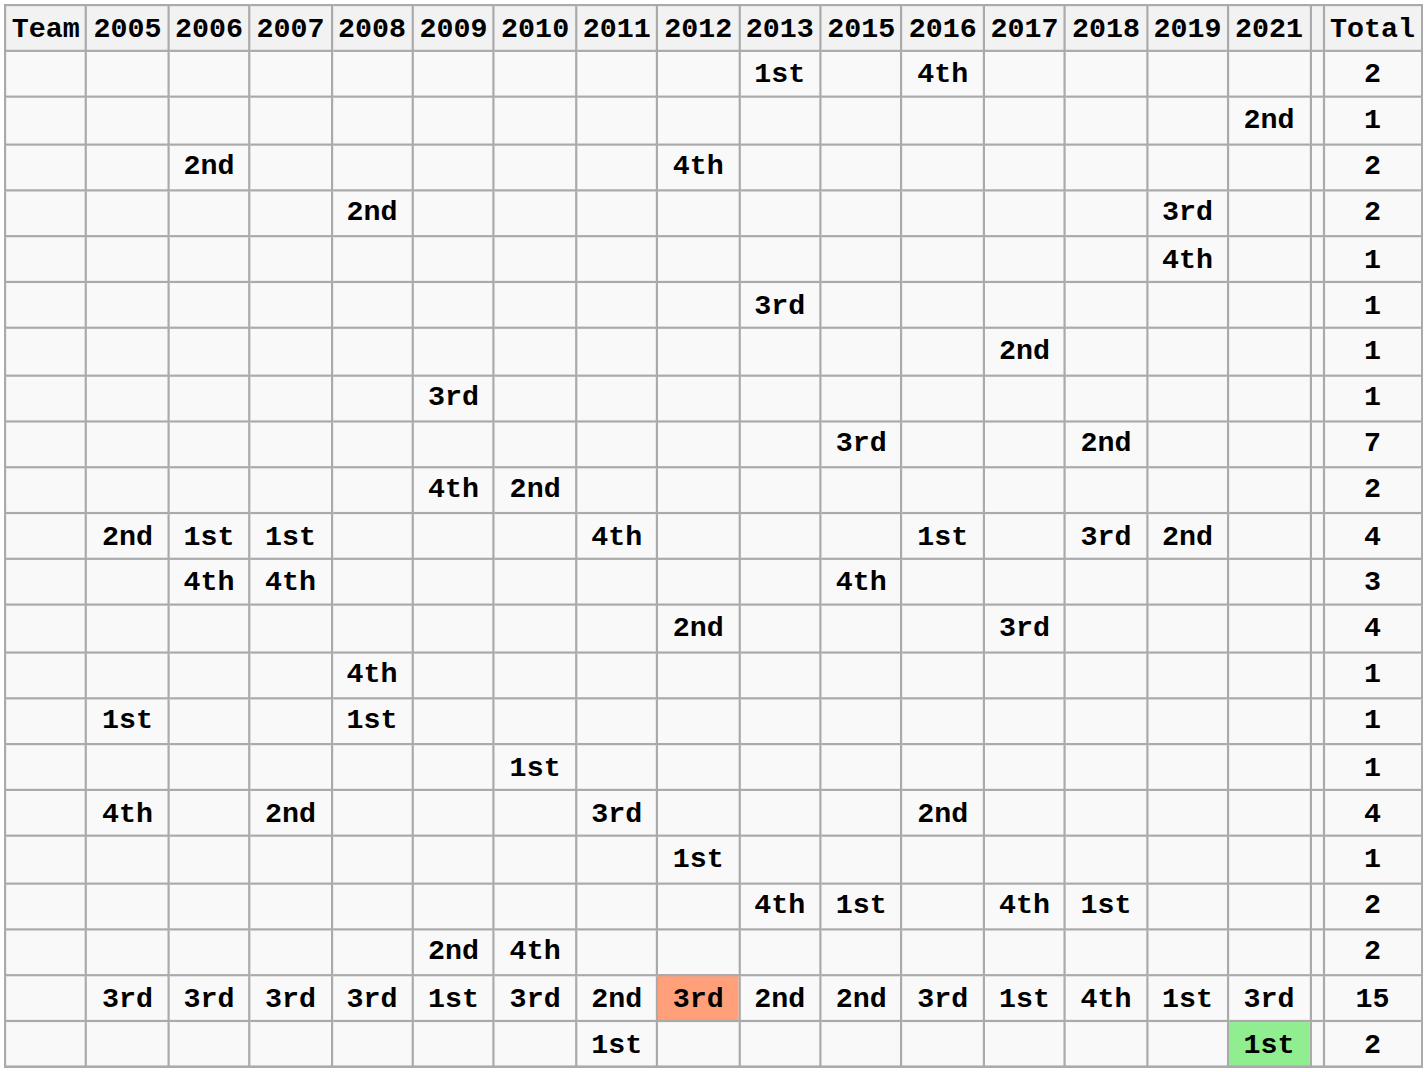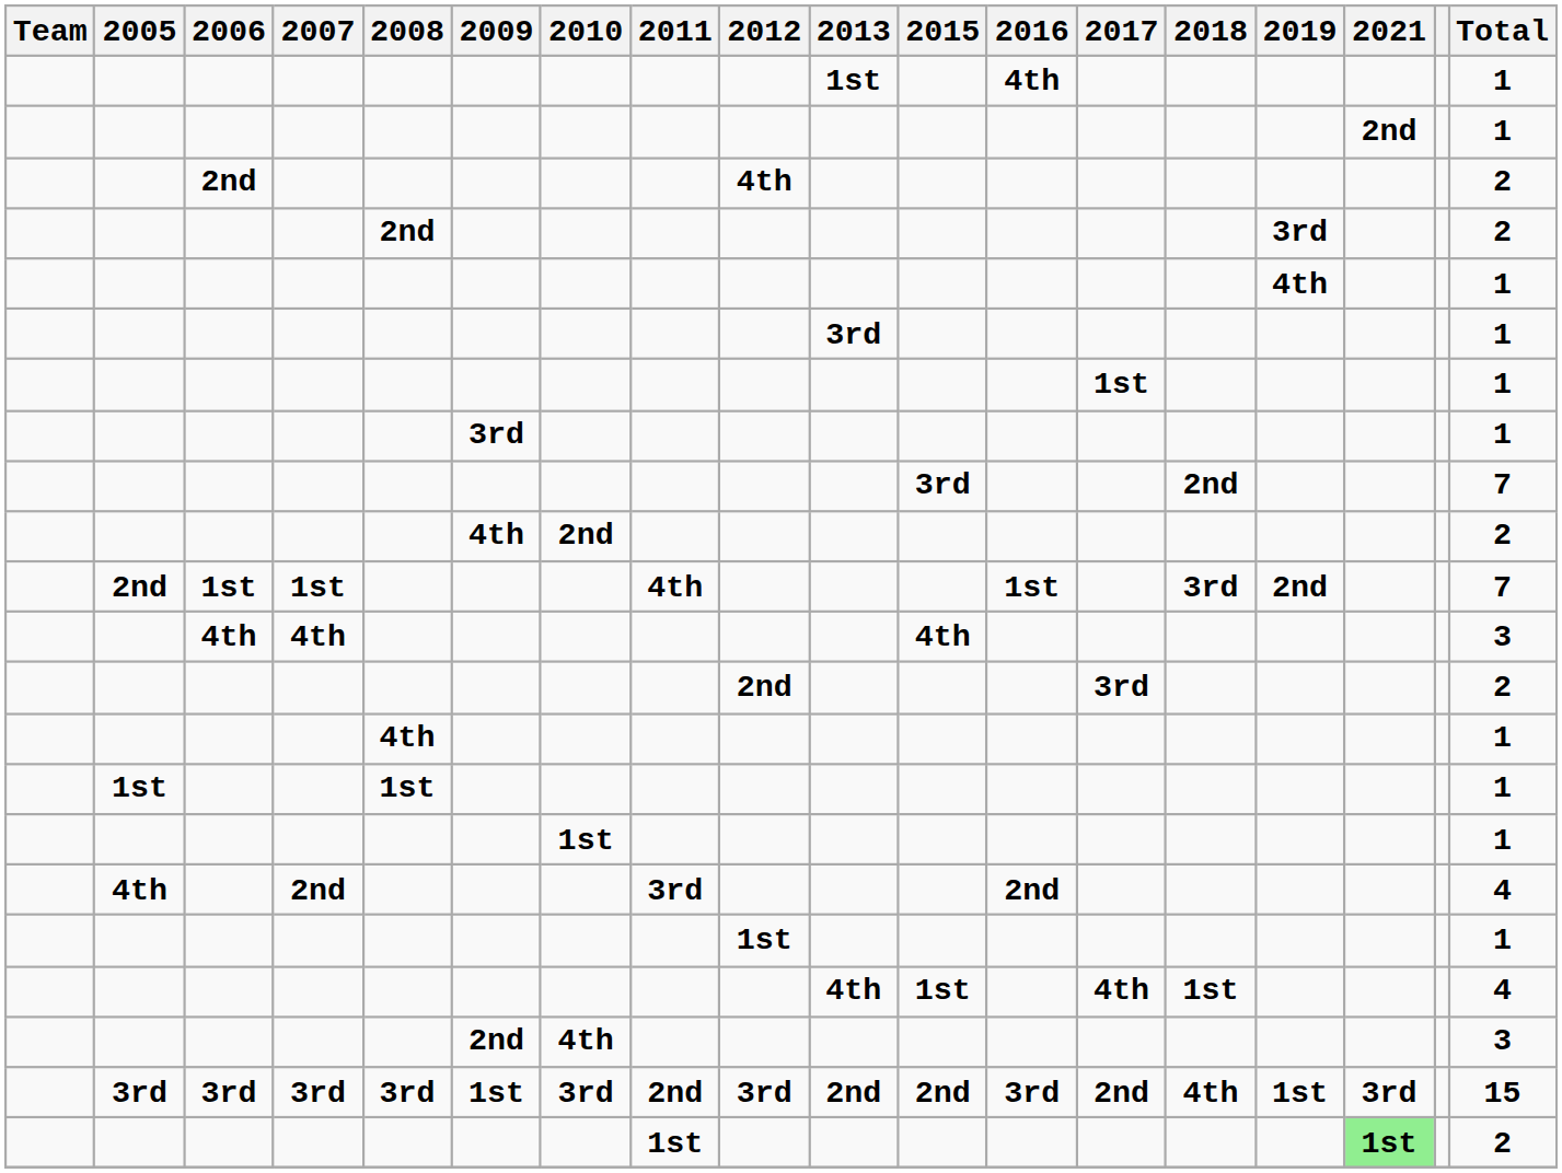 <table class="wikitable" style="text-align:center">
 <tr>
 <th>Team</th>
 <th>2005</th>
 <th>2006</th>
 <th>2007</th>
 <th>2008</th>
 <th>2009</th>
 <th>2010</th>
 <th>2011</th>
 <th>2012</th>
 <th>2013</th>
 <th>2015</th>
 <th>2016</th>
 <th>2017</th>
 <th>2018</th>
 <th>2019</th>
 <th>2021</th>
 <th></th>
 <th>Total</th>
 </tr>
 <tr>
 <td align=left></td>
 <td></td>
 <td></td>
 <td></td>
 <td></td>
 <td></td>
 <td></td>
 <td></td>
 <td></td>
 <td><span><strong>1st</strong></span></td>
 <td></td>
 <td><span><strong>4th</strong></span></td>
 <td></td>
 <td></td>
 <td></td>
 <td></td>
 <td></td>
-<td><strong>2</strong></td>
+<td><strong>1</strong></td>
 </tr>
 <tr>
 <td align=left></td>
 <td></td>
 <td></td>
 <td></td>
 <td></td>
 <td></td>
 <td></td>
 <td></td>
 <td></td>
 <td></td>
 <td></td>
 <td></td>
 <td></td>
 <td></td>
 <td></td>
 <td><span><strong>2nd</strong></span></td>
 <td></td>
 <td><strong>1</strong></td>
 </tr>
 <tr>
 <td align=left></td>
 <td></td>
 <td><span><strong>2nd</strong></span></td>
 <td></td>
 <td></td>
 <td></td>
 <td></td>
 <td></td>
 <td><span><strong>4th</strong></span></td>
 <td></td>
 <td></td>
 <td></td>
 <td></td>
 <td></td>
 <td></td>
 <td></td>
 <td></td>
 <td><strong>2</strong></td>
 </tr>
 <tr>
 <td align=left></td>
 <td></td>
 <td></td>
 <td></td>
 <td><span><strong>2nd</strong></span></td>
 <td></td>
 <td></td>
 <td></td>
 <td></td>
 <td></td>
 <td></td>
 <td></td>
 <td></td>
 <td></td>
 <td><span><strong>3rd</strong></span></td>
 <td></td>
 <td></td>
 <td><strong>2</strong></td>
 </tr>
 <tr>
 <td align=left></td>
 <td></td>
 <td></td>
 <td></td>
 <td></td>
 <td></td>
 <td></td>
 <td></td>
 <td></td>
 <td></td>
 <td></td>
 <td></td>
 <td></td>
 <td></td>
 <td><span><strong>4th</strong></span></td>
 <td></td>
 <td></td>
 <td><strong>1</strong></td>
 </tr>
 <tr>
 <td align=left></td>
 <td></td>
 <td></td>
 <td></td>
 <td></td>
 <td></td>
 <td></td>
 <td></td>
 <td></td>
 <td><span><strong>3rd</strong></span></td>
 <td></td>
 <td></td>
 <td></td>
 <td></td>
 <td></td>
 <td></td>
 <td></td>
 <td><strong>1</strong></td>
 </tr>
 <tr>
 <td align=left></td>
 <td></td>
 <td></td>
 <td></td>
 <td></td>
 <td></td>
 <td></td>
 <td></td>
 <td></td>
 <td></td>
 <td></td>
 <td></td>
-<td><span><strong>2nd</strong></span></td>
+<td><span><strong>1st</strong></span></td>
 <td></td>
 <td></td>
 <td></td>
 <td></td>
 <td><strong>1</strong></td>
 </tr>
 <tr>
 <td align=left></td>
 <td></td>
 <td></td>
 <td></td>
 <td></td>
 <td><span><strong>3rd</strong></span></td>
 <td></td>
 <td></td>
 <td></td>
 <td></td>
 <td></td>
 <td></td>
 <td></td>
 <td></td>
 <td></td>
 <td></td>
 <td></td>
 <td><strong>1</strong></td>
 </tr>
 <tr>
 <td align=left></td>
 <td></td>
 <td></td>
 <td></td>
 <td></td>
 <td></td>
 <td></td>
 <td></td>
 <td></td>
 <td></td>
 <td><span><strong>3rd</strong></span></td>
 <td></td>
 <td></td>
 <td><span><strong>2nd</strong></span></td>
 <td></td>
 <td></td>
 <td></td>
 <td><strong>7</strong></td>
 </tr>
 <tr>
 <td align=left></td>
 <td></td>
 <td></td>
 <td></td>
 <td></td>
 <td><span><strong>4th</strong></span></td>
 <td><span><strong>2nd</strong></span></td>
 <td></td>
 <td></td>
 <td></td>
 <td></td>
 <td></td>
 <td></td>
 <td></td>
 <td></td>
 <td></td>
 <td></td>
 <td><strong>2</strong></td>
 </tr>
 <tr>
 <td align=left></td>
 <td><span><strong>2nd</strong></span></td>
 <td><span><strong>1st</strong></span></td>
 <td><span><strong>1st</strong></span></td>
 <td></td>
 <td></td>
 <td></td>
 <td><span><strong>4th</strong></span></td>
 <td></td>
 <td></td>
 <td></td>
 <td><span><strong>1st</strong></span></td>
 <td></td>
 <td><span><strong>3rd</strong></span></td>
 <td><span><strong>2nd</strong></span></td>
 <td></td>
 <td></td>
-<td><strong>4</strong></td>
+<td><strong>7</strong></td>
 </tr>
 <tr>
 <td align=left></td>
 <td></td>
 <td><span><strong>4th</strong></span></td>
 <td><span><strong>4th</strong></span></td>
 <td></td>
 <td></td>
 <td></td>
 <td></td>
 <td></td>
 <td></td>
 <td><span><strong>4th</strong></span></td>
 <td></td>
 <td></td>
 <td></td>
 <td></td>
 <td></td>
 <td></td>
 <td><strong>3</strong></td>
 </tr>
 <tr>
 <td align=left></td>
 <td></td>
 <td></td>
 <td></td>
 <td></td>
 <td></td>
 <td></td>
 <td></td>
 <td><span><strong>2nd</strong></span></td>
 <td></td>
 <td></td>
 <td></td>
 <td><span><strong>3rd</strong></span></td>
 <td></td>
 <td></td>
 <td></td>
 <td></td>
-<td><strong>4</strong></td>
+<td><strong>2</strong></td>
 </tr>
 <tr>
 <td align=left></td>
 <td></td>
 <td></td>
 <td></td>
 <td><span><strong>4th</strong></span></td>
 <td></td>
 <td></td>
 <td></td>
 <td></td>
 <td></td>
 <td></td>
 <td></td>
 <td></td>
 <td></td>
 <td></td>
 <td></td>
 <td></td>
 <td><strong>1</strong></td>
 </tr>
 <tr>
 <td align=left></td>
 <td><span><strong>1st</strong></span></td>
 <td></td>
 <td></td>
 <td><span><strong>1st</strong></span></td>
 <td></td>
 <td></td>
 <td></td>
 <td></td>
 <td></td>
 <td></td>
 <td></td>
 <td></td>
 <td></td>
 <td></td>
 <td></td>
 <td></td>
 <td><strong>1</strong></td>
 </tr>
 <tr>
 <td align=left></td>
 <td></td>
 <td></td>
 <td></td>
 <td></td>
 <td></td>
 <td><span><strong>1st</strong></span></td>
 <td></td>
 <td></td>
 <td></td>
 <td></td>
 <td></td>
 <td></td>
 <td></td>
 <td></td>
 <td></td>
 <td></td>
 <td><strong>1</strong></td>
 </tr>
 <tr>
 <td align=left></td>
 <td><span><strong>4th</strong></span></td>
 <td></td>
 <td><span><strong>2nd</strong></span></td>
 <td></td>
 <td></td>
 <td></td>
 <td><span><strong>3rd</strong></span></td>
 <td></td>
 <td></td>
 <td></td>
 <td><span><strong>2nd</strong></span></td>
 <td></td>
 <td></td>
 <td></td>
 <td></td>
 <td></td>
 <td><strong>4</strong></td>
 </tr>
 <tr>
 <td align=left></td>
 <td></td>
 <td></td>
 <td></td>
 <td></td>
 <td></td>
 <td></td>
 <td></td>
 <td><span><strong>1st</strong></span></td>
 <td></td>
 <td></td>
 <td></td>
 <td></td>
 <td></td>
 <td></td>
 <td></td>
 <td></td>
 <td><strong>1</strong></td>
 </tr>
 <tr>
 <td align=left></td>
 <td></td>
 <td></td>
 <td></td>
 <td></td>
 <td></td>
 <td></td>
 <td></td>
 <td></td>
 <td><span><strong>4th</strong></span></td>
 <td><span><strong>1st</strong></span></td>
 <td></td>
 <td><span><strong>4th</strong></span></td>
 <td><span><strong>1st</strong></span></td>
 <td></td>
 <td></td>
 <td></td>
-<td><strong>2</strong></td>
+<td><strong>4</strong></td>
 </tr>
 <tr>
 <td align=left></td>
 <td></td>
 <td></td>
 <td></td>
 <td></td>
 <td><span><strong>2nd</strong></span></td>
 <td><span><strong>4th</strong></span></td>
 <td></td>
 <td></td>
 <td></td>
 <td></td>
 <td></td>
 <td></td>
 <td></td>
 <td></td>
 <td></td>
 <td></td>
-<td><strong>2</strong></td>
+<td><strong>3</strong></td>
 </tr>
 <tr>
 <td align=left></td>
 <td><span><strong>3rd</strong></span></td>
 <td><span><strong>3rd</strong></span></td>
 <td><span><strong>3rd</strong></span></td>
 <td><span><strong>3rd</strong></span></td>
 <td><span><strong>1st</strong></span></td>
 <td><span><strong>3rd</strong></span></td>
 <td><span><strong>2nd</strong></span></td>
-<td style="background: lightsalmon;"><span><strong>3rd</strong></span></td>
+<td><span><strong>3rd</strong></span></td>
 <td><span><strong>2nd</strong></span></td>
 <td><span><strong>2nd</strong></span></td>
 <td><span><strong>3rd</strong></span></td>
-<td><span><strong>1st</strong></span></td>
+<td><span><strong>2nd</strong></span></td>
 <td><span><strong>4th</strong></span></td>
 <td><span><strong>1st</strong></span></td>
 <td><span><strong>3rd</strong></span></td>
 <td></td>
 <td><strong>15</strong></td>
 </tr>
 <tr>
 <td align=left></td>
 <td></td>
 <td></td>
 <td></td>
 <td></td>
 <td></td>
 <td></td>
 <td><span><strong>1st</strong></span></td>
 <td></td>
 <td></td>
 <td></td>
 <td></td>
 <td></td>
 <td></td>
 <td></td>
 <td style="background: lightgreen;"><span><strong>1st</strong></span></td>
 <td></td>
 <td><strong>2</strong></td>
 </tr>
 <tr>
 </tr>
 </table>
